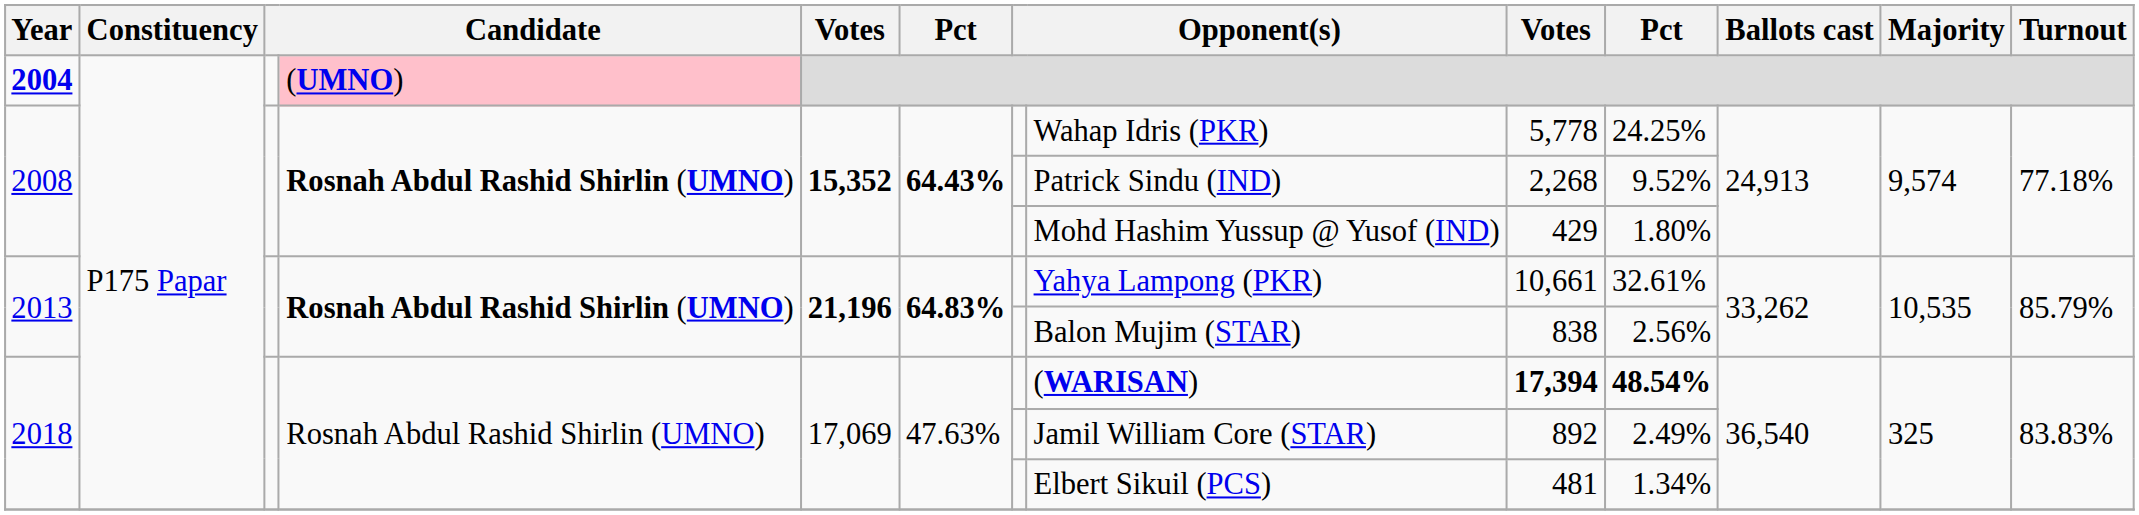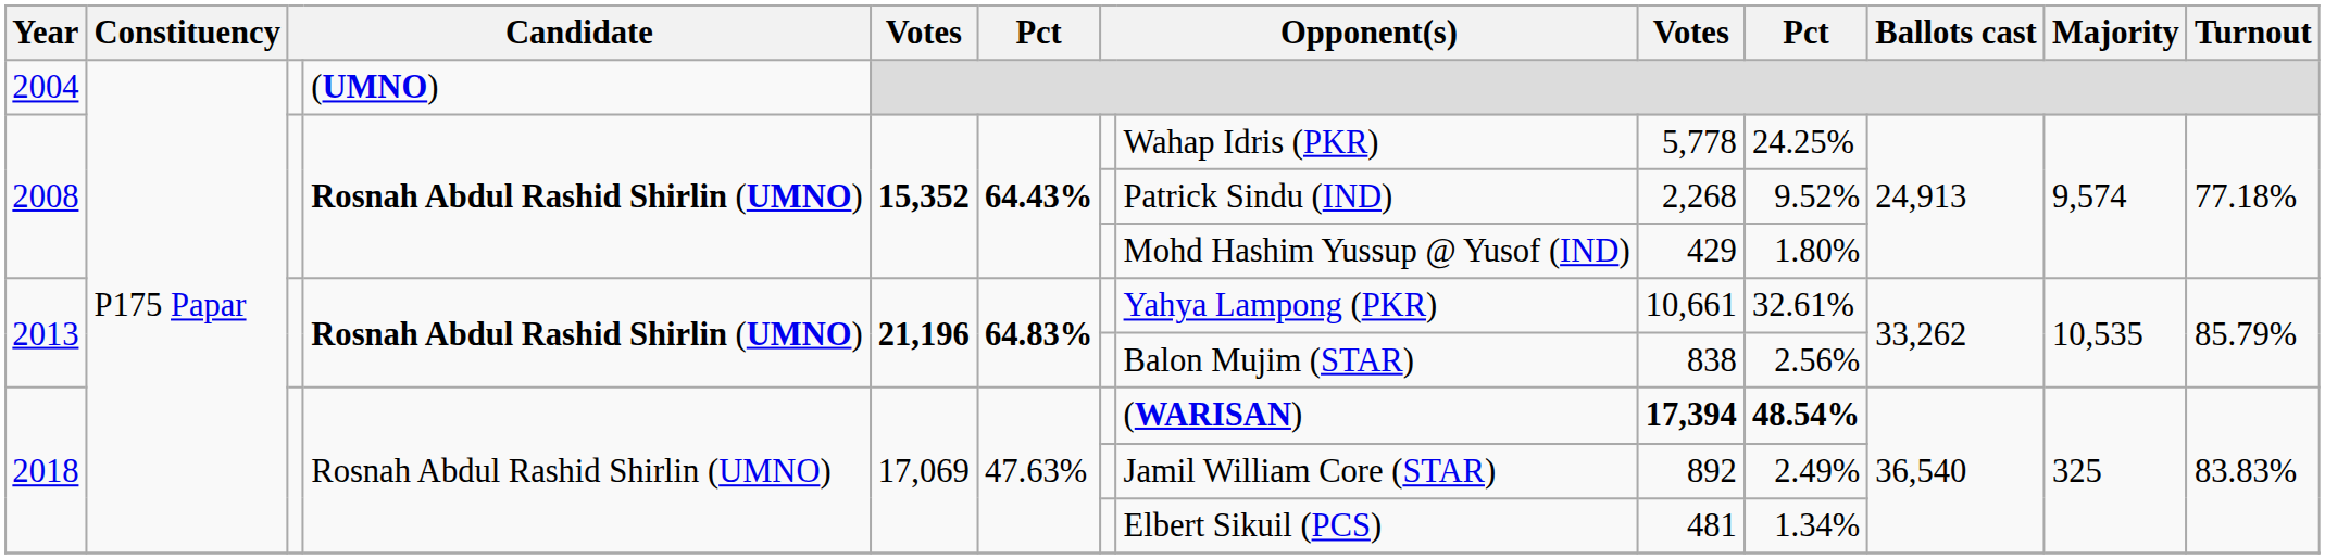 <table class="wikitable" style="margin:0.5em ; font-size:95%">
 <tr>
 <th>Year</th>
 <th>Constituency</th>
 <th colspan=2>Candidate</th>
 <th>Votes</th>
 <th>Pct</th>
 <th colspan=2>Opponent(s)</th>
 <th>Votes</th>
 <th>Pct</th>
 <th>Ballots cast</th>
 <th>Majority</th>
 <th>Turnout</th>
 </tr>
 <tr>
-<td><strong><a href='#'>2004</a></strong></td>
+<td><a href='#'>2004</a></td>
 <td rowspan=9>P175 <a href='#'>Papar</a></td>
 <td></td>
-<td style="background: pink;"> (<a href='#'><strong>UMNO</strong></a>)</td>
+<td> (<a href='#'><strong>UMNO</strong></a>)</td>
 <td colspan="9" bgcolor="dcdcdc"></td>
 </tr>
 <tr>
 <td rowspan=3><a href='#'>2008</a></td>
 <td rowspan=3 ></td>
 <td rowspan=3><strong>Rosnah Abdul Rashid Shirlin</strong> (<a href='#'><strong>UMNO</strong></a>)</td>
 <td rowspan=3 align="right"><strong>15,352</strong></td>
 <td rowspan=3><strong>64.43%</strong></td>
 <td></td>
 <td>Wahap Idris (<a href='#'>PKR</a>)</td>
 <td align="right">5,778</td>
 <td>24.25%</td>
 <td rowspan=3>24,913</td>
 <td rowspan=3>9,574</td>
 <td rowspan=3>77.18%</td>
 </tr>
 <tr>
 <td></td>
 <td>Patrick Sindu (<a href='#'>IND</a>)</td>
 <td align=right>2,268</td>
 <td align=right>9.52%</td>
 </tr>
 <tr>
 <td></td>
 <td>Mohd Hashim Yussup @ Yusof (<a href='#'>IND</a>)</td>
 <td align=right>429</td>
 <td align=right>1.80%</td>
 </tr>
 <tr>
 <td rowspan=2><a href='#'>2013</a></td>
 <td rowspan=2 ></td>
 <td rowspan=2><strong>Rosnah Abdul Rashid Shirlin</strong> (<a href='#'><strong>UMNO</strong></a>)</td>
 <td rowspan=2 align="right"><strong>21,196</strong></td>
 <td rowspan=2><strong>64.83%</strong></td>
 <td></td>
 <td><a href='#'>Yahya Lampong</a> (<a href='#'>PKR</a>)</td>
 <td align="right">10,661</td>
 <td>32.61%</td>
 <td rowspan=2>33,262</td>
 <td rowspan=2>10,535</td>
 <td rowspan=2>85.79%</td>
 </tr>
 <tr>
 <td></td>
 <td>Balon Mujim (<a href='#'>STAR</a>)</td>
 <td align=right>838</td>
 <td align=right>2.56%</td>
 </tr>
 <tr>
 <td rowspan=3><a href='#'>2018</a></td>
 <td rowspan=3 ></td>
 <td rowspan=3>Rosnah Abdul Rashid Shirlin (<a href='#'>UMNO</a>)</td>
 <td rowspan=3 align="right">17,069</td>
 <td rowspan=3>47.63%</td>
 <td></td>
 <td> (<a href='#'><strong>WARISAN</strong></a>)</td>
 <td align="right"><strong>17,394</strong></td>
 <td><strong>48.54%</strong></td>
 <td rowspan=3>36,540</td>
 <td rowspan=3>325</td>
 <td rowspan=3>83.83%</td>
 </tr>
 <tr>
 <td></td>
 <td>Jamil William Core (<a href='#'>STAR</a>)</td>
 <td align=right>892</td>
 <td align=right>2.49%</td>
 </tr>
 <tr>
 <td bgcolor=></td>
 <td>Elbert Sikuil (<a href='#'>PCS</a>)</td>
 <td align=right>481</td>
 <td align=right>1.34%</td>
 </tr>
 <tr>
 </tr>
 </table>
